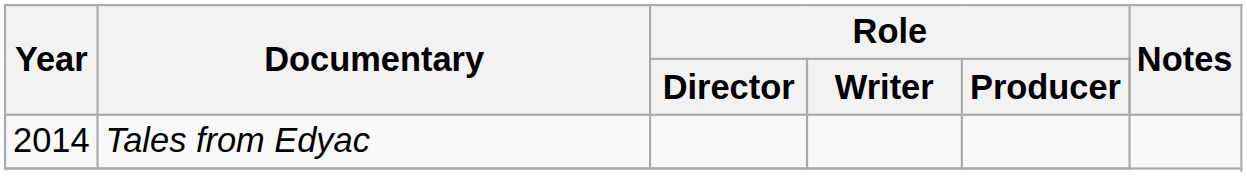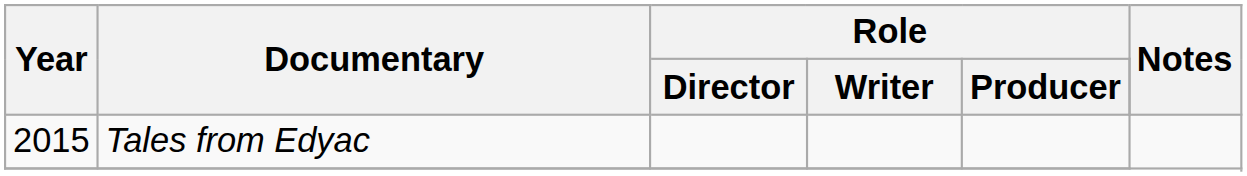 <table class="wikitable" style="margin-right: 0;">
 <tr>
 <th rowspan="2" style="width:33px;">Year</th>
 <th rowspan="2" style="width:250px;">Documentary</th>
 <th colspan="4">Role</th>
 <th rowspan="2">Notes</th>
 </tr>
 <tr>
 <th style="width:65px;">Director</th>
 <th style="width:65px;">Writer</th>
 <th style="width:65px;">Producer</th>
 </tr>
 <tr>
-<td rowspan="1">2014</td>
+<td rowspan="1">2015</td>
 <td><em>Tales from Edyac</em></td>
 <td></td>
 <td></td>
 <td></td>
 </tr>
 <tr>
 </tr>
 </table>
